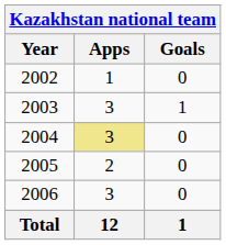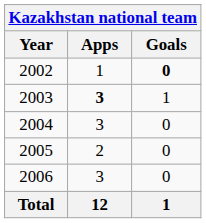 <table class="wikitable" style="text-align:center">
 <tr>
 <th colspan=3><a href='#'>Kazakhstan national team</a></th>
 </tr>
 <tr>
 <th>Year</th>
 <th>Apps</th>
 <th>Goals</th>
 </tr>
 <tr>
 <td>2002</td>
 <td>1</td>
-<td>0</td>
+<td><strong>0</strong></td>
 </tr>
 <tr>
 <td>2003</td>
-<td>3</td>
+<td><strong>3</strong></td>
 <td>1</td>
 </tr>
 <tr>
 <td>2004</td>
-<td style="background: khaki;">3</td>
+<td>3</td>
 <td>0</td>
 </tr>
 <tr>
 <td>2005</td>
 <td>2</td>
 <td>0</td>
 </tr>
 <tr>
 <td>2006</td>
 <td>3</td>
 <td>0</td>
 </tr>
 <tr>
 <th>Total</th>
 <th>12</th>
 <th>1</th>
 </tr>
 </table>
